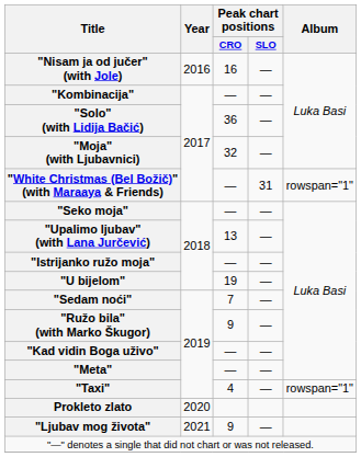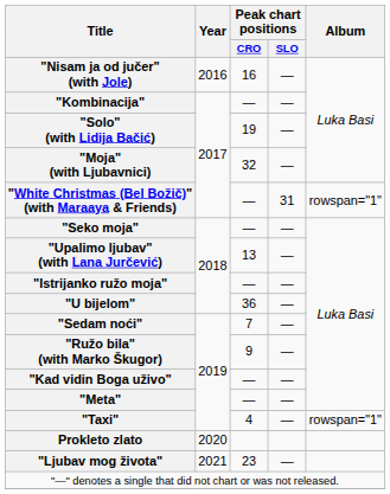 <table class="wikitable plainrowheaders" style="text-align:center;">
 <tr>
 <th scope="col" rowspan="2">Title</th>
 <th scope="col" rowspan="2">Year</th>
 <th scope="col" colspan="2">Peak chart positions</th>
 <th scope="col" rowspan="2">Album</th>
 </tr>
 <tr>
 <th scope="col" style="width:3em; font-size:85%;"><a href='#'>CRO</a><br></th>
 <th scope="col" style="width:3em; font-size:85%;"><a href='#'>SLO</a><br></th>
 </tr>
 <tr>
 <th scope="row">"Nisam ja od jučer" <br><span>(with <a href='#'>Jole</a>)</span></th>
 <td rowspan="1">2016</td>
 <td>16</td>
 <td>—</td>
 <td rowspan="4"><em>Luka Basi</em></td>
 </tr>
 <tr>
 <th scope="row">"Kombinacija"</th>
 <td rowspan="4">2017</td>
 <td>—</td>
 <td>—</td>
 </tr>
 <tr>
 <th scope="row">"Solo"<br><span>(with <a href='#'>Lidija Bačić</a>)</span></th>
-<td>36</td>
+<td>19</td>
 <td>—</td>
 </tr>
 <tr>
 <th scope="row">"Moja"<br><span>(with Ljubavnici)</span></th>
 <td>32</td>
 <td>—</td>
 </tr>
 <tr>
 <th scope="row">"<a href='#'>White Christmas (Bel Božič)</a>"<br><span>(with <a href='#'>Maraaya</a> & Friends)</span></th>
 <td>—</td>
 <td>31</td>
 <td>rowspan="1" </td>
 </tr>
 <tr>
 <th scope="row">"Seko moja"</th>
 <td rowspan="4">2018</td>
 <td>—</td>
 <td>—</td>
 <td rowspan="8"><em>Luka Basi</em></td>
 </tr>
 <tr>
 <th scope="row">"Upalimo ljubav"<br><span>(with <a href='#'>Lana Jurčević</a>)</span></th>
 <td>13</td>
 <td>—</td>
 </tr>
 <tr>
 <th scope="row">"Istrijanko ružo moja"</th>
 <td>—</td>
 <td>—</td>
 </tr>
 <tr>
 <th scope="row">"U bijelom"</th>
-<td>19</td>
+<td>36</td>
 <td>—</td>
 </tr>
 <tr>
 <th scope="row">"Sedam noći"</th>
 <td rowspan="5">2019</td>
 <td>7</td>
 <td>—</td>
 </tr>
 <tr>
 <th scope="row">"Ružo bila"<br><span>(with Marko Škugor)</span></th>
 <td>9</td>
 <td>—</td>
 </tr>
 <tr>
 <th scope="row">"Kad vidin Boga uživo"</th>
 <td>—</td>
 <td>—</td>
 </tr>
 <tr>
 <th scope="row">"Meta"</th>
 <td>—</td>
 <td>—</td>
 </tr>
 <tr>
 <th scope="row">"Taxi"</th>
 <td>4</td>
 <td>—</td>
 <td>rowspan="1" </td>
 </tr>
 <tr>
 <th>Prokleto zlato</th>
 <td>2020</td>
 <td></td>
 <td></td>
 </tr>
 <tr>
 <th scope="row">"Ljubav mog života"</th>
 <td rowspan="1">2021</td>
-<td>9</td>
+<td>23</td>
 <td>—</td>
 <td></td>
 </tr>
 <tr>
 <td colspan="20" style="text-align:center; font-size:85%;">"—" denotes a single that did not chart or was not released.</td>
 </tr>
 <tr>
 </tr>
 </table>
